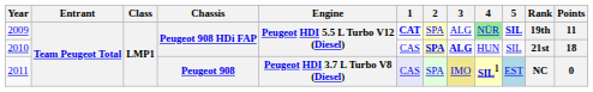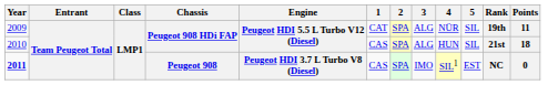 <table class="wikitable" style="text-align:center; font-size:85%;">
 <tr>
 <th>Year</th>
 <th>Entrant</th>
 <th>Class</th>
 <th>Chassis</th>
 <th>Engine</th>
 <th>1</th>
 <th>2</th>
 <th>3</th>
 <th>4</th>
 <th>5</th>
 <th>Rank</th>
 <th>Points</th>
 </tr>
 <tr>
 <td><a href='#'>2009</a></td>
 <th rowspan=3 nowrap><a href='#'>Team Peugeot Total</a></th>
 <th rowspan=3>LMP1</th>
 <th rowspan=2 nowrap><a href='#'>Peugeot 908 HDi FAP</a></th>
 <th rowspan=2 nowrap><a href='#'>Peugeot</a> <a href='#'>HDI</a> 5.5 L Turbo V12<br>(<a href='#'>Diesel</a>)</th>
-<td><strong><a href='#'>CAT</a></strong></td>
+<td><a href='#'>CAT</a></td>
 <td style="background:#FFFFBF;"><a href='#'>SPA</a><br></td>
 <td><a href='#'>ALG</a></td>
-<td style="background: lightgreen;"><a href='#'>NÜR</a></td>
-<td><strong><a href='#'>SIL</a></strong></td>
+<td><a href='#'>NÜR</a></td>
+<td><a href='#'>SIL</a></td>
 <th>19th</th>
 <th>11</th>
 </tr>
 <tr>
 <td><a href='#'>2010</a></td>
 <td><a href='#'>CAS</a></td>
-<td style="background:#FFFFBF;"><strong><a href='#'>SPA</a><br></strong></td>
-<td><strong><a href='#'>ALG</a></strong></td>
+<td style="background:#FFFFBF;"><a href='#'>SPA</a><br></td>
+<td><a href='#'>ALG</a></td>
 <td><a href='#'>HUN</a></td>
 <td><a href='#'>SIL</a></td>
 <th>21st</th>
 <th>18</th>
 </tr>
 <tr>
-<td><a href='#'>2011</a></td>
+<td><strong><a href='#'>2011</a></strong></td>
 <th nowrap><a href='#'>Peugeot 908</a></th>
 <th nowrap><a href='#'>Peugeot</a> <a href='#'>HDI</a> 3.7 L Turbo V8<br>(<a href='#'>Diesel</a>)</th>
-<td style="background: lavender;"><a href='#'>CAS</a></td>
+<td><a href='#'>CAS</a></td>
 <td style="background:#DFFFDF;"><a href='#'>SPA</a><br></td>
-<td style="background: khaki;"><a href='#'>IMO</a></td>
-<td style="background:#FFFFBF;"><strong><a href='#'>SIL</a><sup>1</sup><br></strong></td>
-<td style="background: lightblue;"><a href='#'>EST</a></td>
+<td><a href='#'>IMO</a></td>
+<td style="background:#FFFFBF;"><a href='#'>SIL</a><sup>1</sup><br></td>
+<td><a href='#'>EST</a></td>
 <th>NC</th>
 <th>0</th>
 </tr>
 </table>
